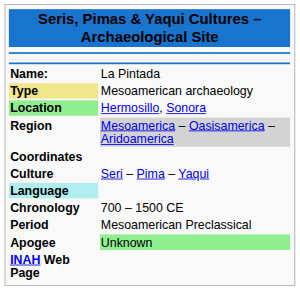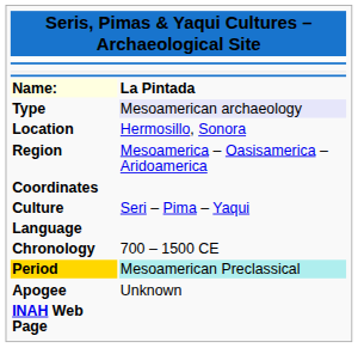 <table class="infobox" style="font-size:90%; text-align:left; width:23.5em">
 <tr>
 <td colspan="3" bgcolor=#1874CD style="text-align: center; font-size: larger;"><span><strong> Seris, Pimas & Yaqui Cultures – Archaeological Site</strong></span></td>
 </tr>
 <tr style="vertical-align: top; text-align: center;">
 <td colspan=3 bgcolor="#FFFFFF" align="center"></td>
 </tr>
 <tr>
 <td colspan="2" bgcolor=#1874CD></td>
 </tr>
 <tr>
 <td colspan=2></td>
 </tr>
 <tr>
 <td style="background:#efefef;"align="center" colspan="2"></td>
 </tr>
 <tr>
 <td colspan="2" bgcolor=#1874CD></td>
 </tr>
 <tr>
-<td><strong>Name:</strong></td>
-<td><span> La Pintada</span></td>
+<td style="background: lightyellow;"><strong>Name:</strong></td>
+<td><strong><span> La Pintada</span></strong></td>
 </tr>
 <tr>
-<td style="background: khaki;"><strong>Type</strong></td>
-<td>Mesoamerican archaeology</td>
+<td><strong>Type</strong></td>
+<td style="background: lavender;">Mesoamerican archaeology</td>
 </tr>
 <tr>
-<td style="background: lightgreen;"><strong>Location</strong></td>
+<td><strong>Location</strong></td>
 <td><a href='#'>Hermosillo</a>, <a href='#'>Sonora</a> <br></td>
 </tr>
 <tr>
 <td><strong>Region</strong></td>
-<td style="background: lightgrey;"><a href='#'>Mesoamerica</a> – <a href='#'>Oasisamerica</a> – <a href='#'>Aridoamerica</a></td>
+<td><a href='#'>Mesoamerica</a> – <a href='#'>Oasisamerica</a> – <a href='#'>Aridoamerica</a></td>
 </tr>
 <tr>
 <td><strong>Coordinates</strong></td>
 <td></td>
 </tr>
 <tr>
 <td><strong>Culture</strong></td>
 <td><a href='#'>Seri</a> – <a href='#'>Pima</a> – <a href='#'>Yaqui</a></td>
 </tr>
 <tr>
-<td style="background: paleturquoise;"><strong>Language</strong></td>
+<td><strong>Language</strong></td>
 <td></td>
 </tr>
 <tr>
 <td><strong>Chronology</strong></td>
 <td>700 – 1500 CE</td>
 </tr>
 <tr>
-<td><strong>Period</strong></td>
-<td>Mesoamerican Preclassical</td>
+<td style="background: gold;"><strong>Period</strong></td>
+<td style="background: paleturquoise;">Mesoamerican Preclassical</td>
 </tr>
 <tr>
 <td><strong>Apogee</strong></td>
-<td style="background: lightgreen;">Unknown</td>
+<td>Unknown</td>
 </tr>
 <tr>
 <td><strong><a href='#'>INAH</a> Web Page</strong></td>
 <td></td>
 </tr>
 </table>
